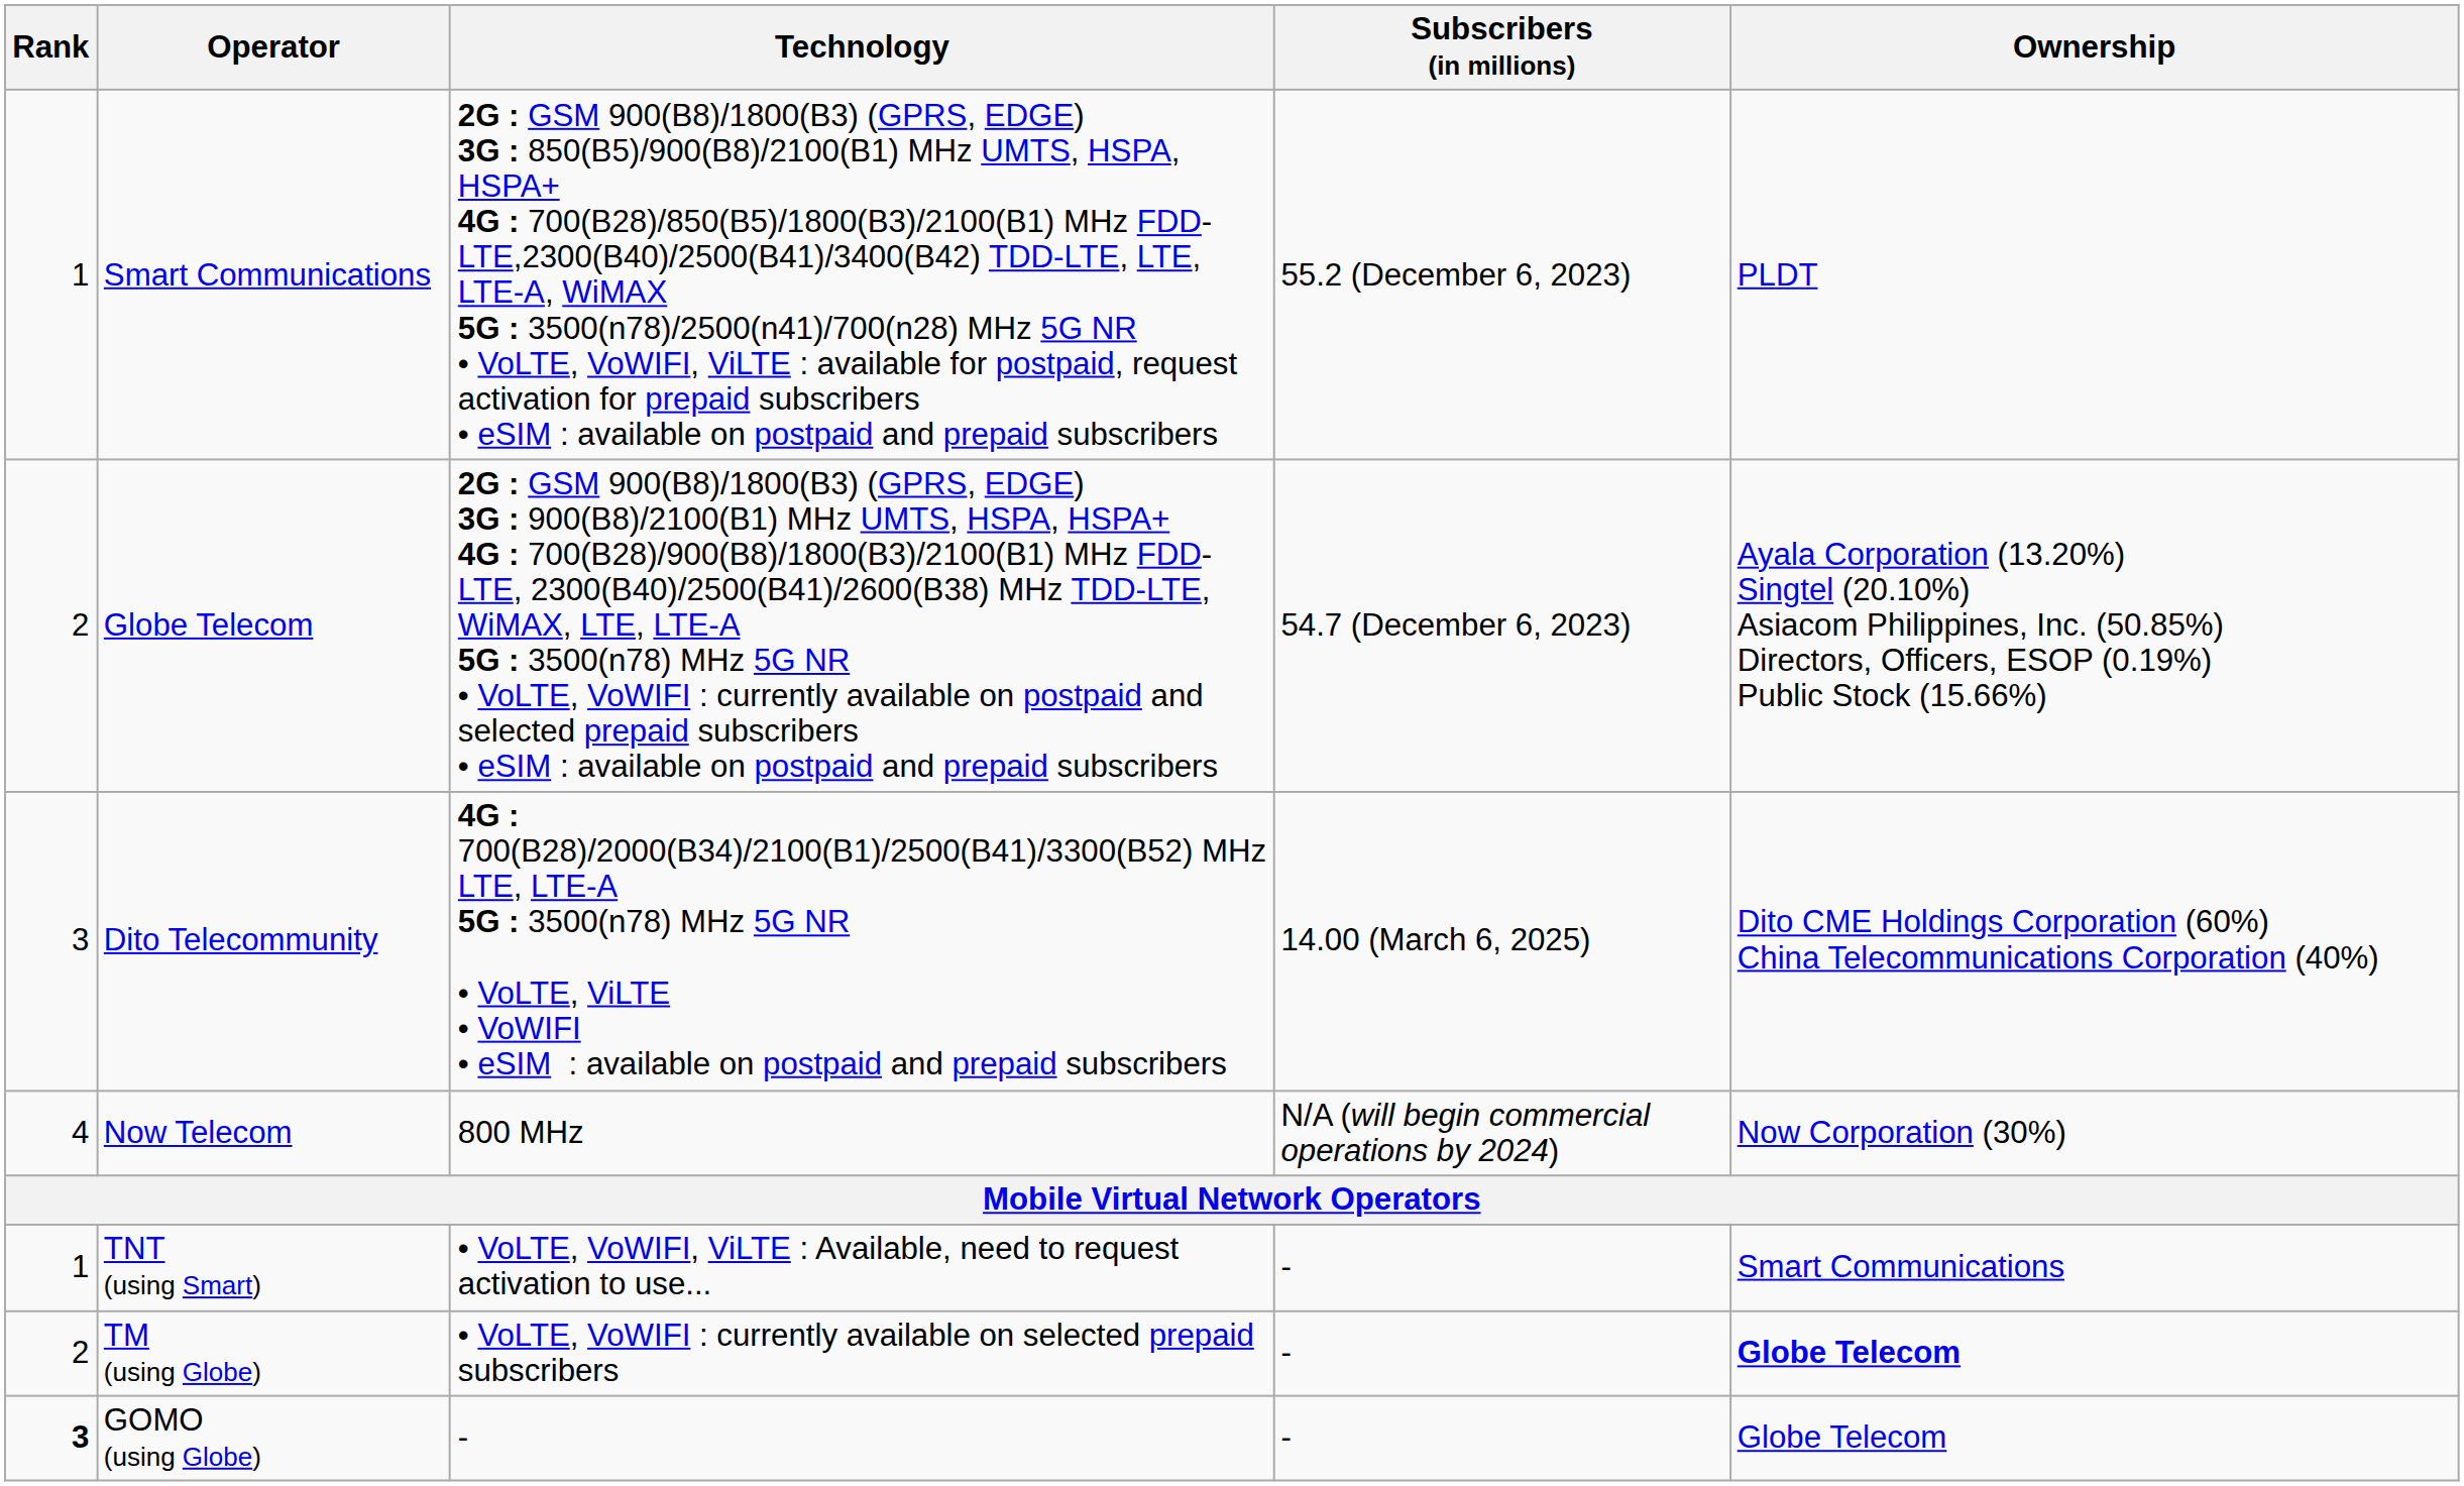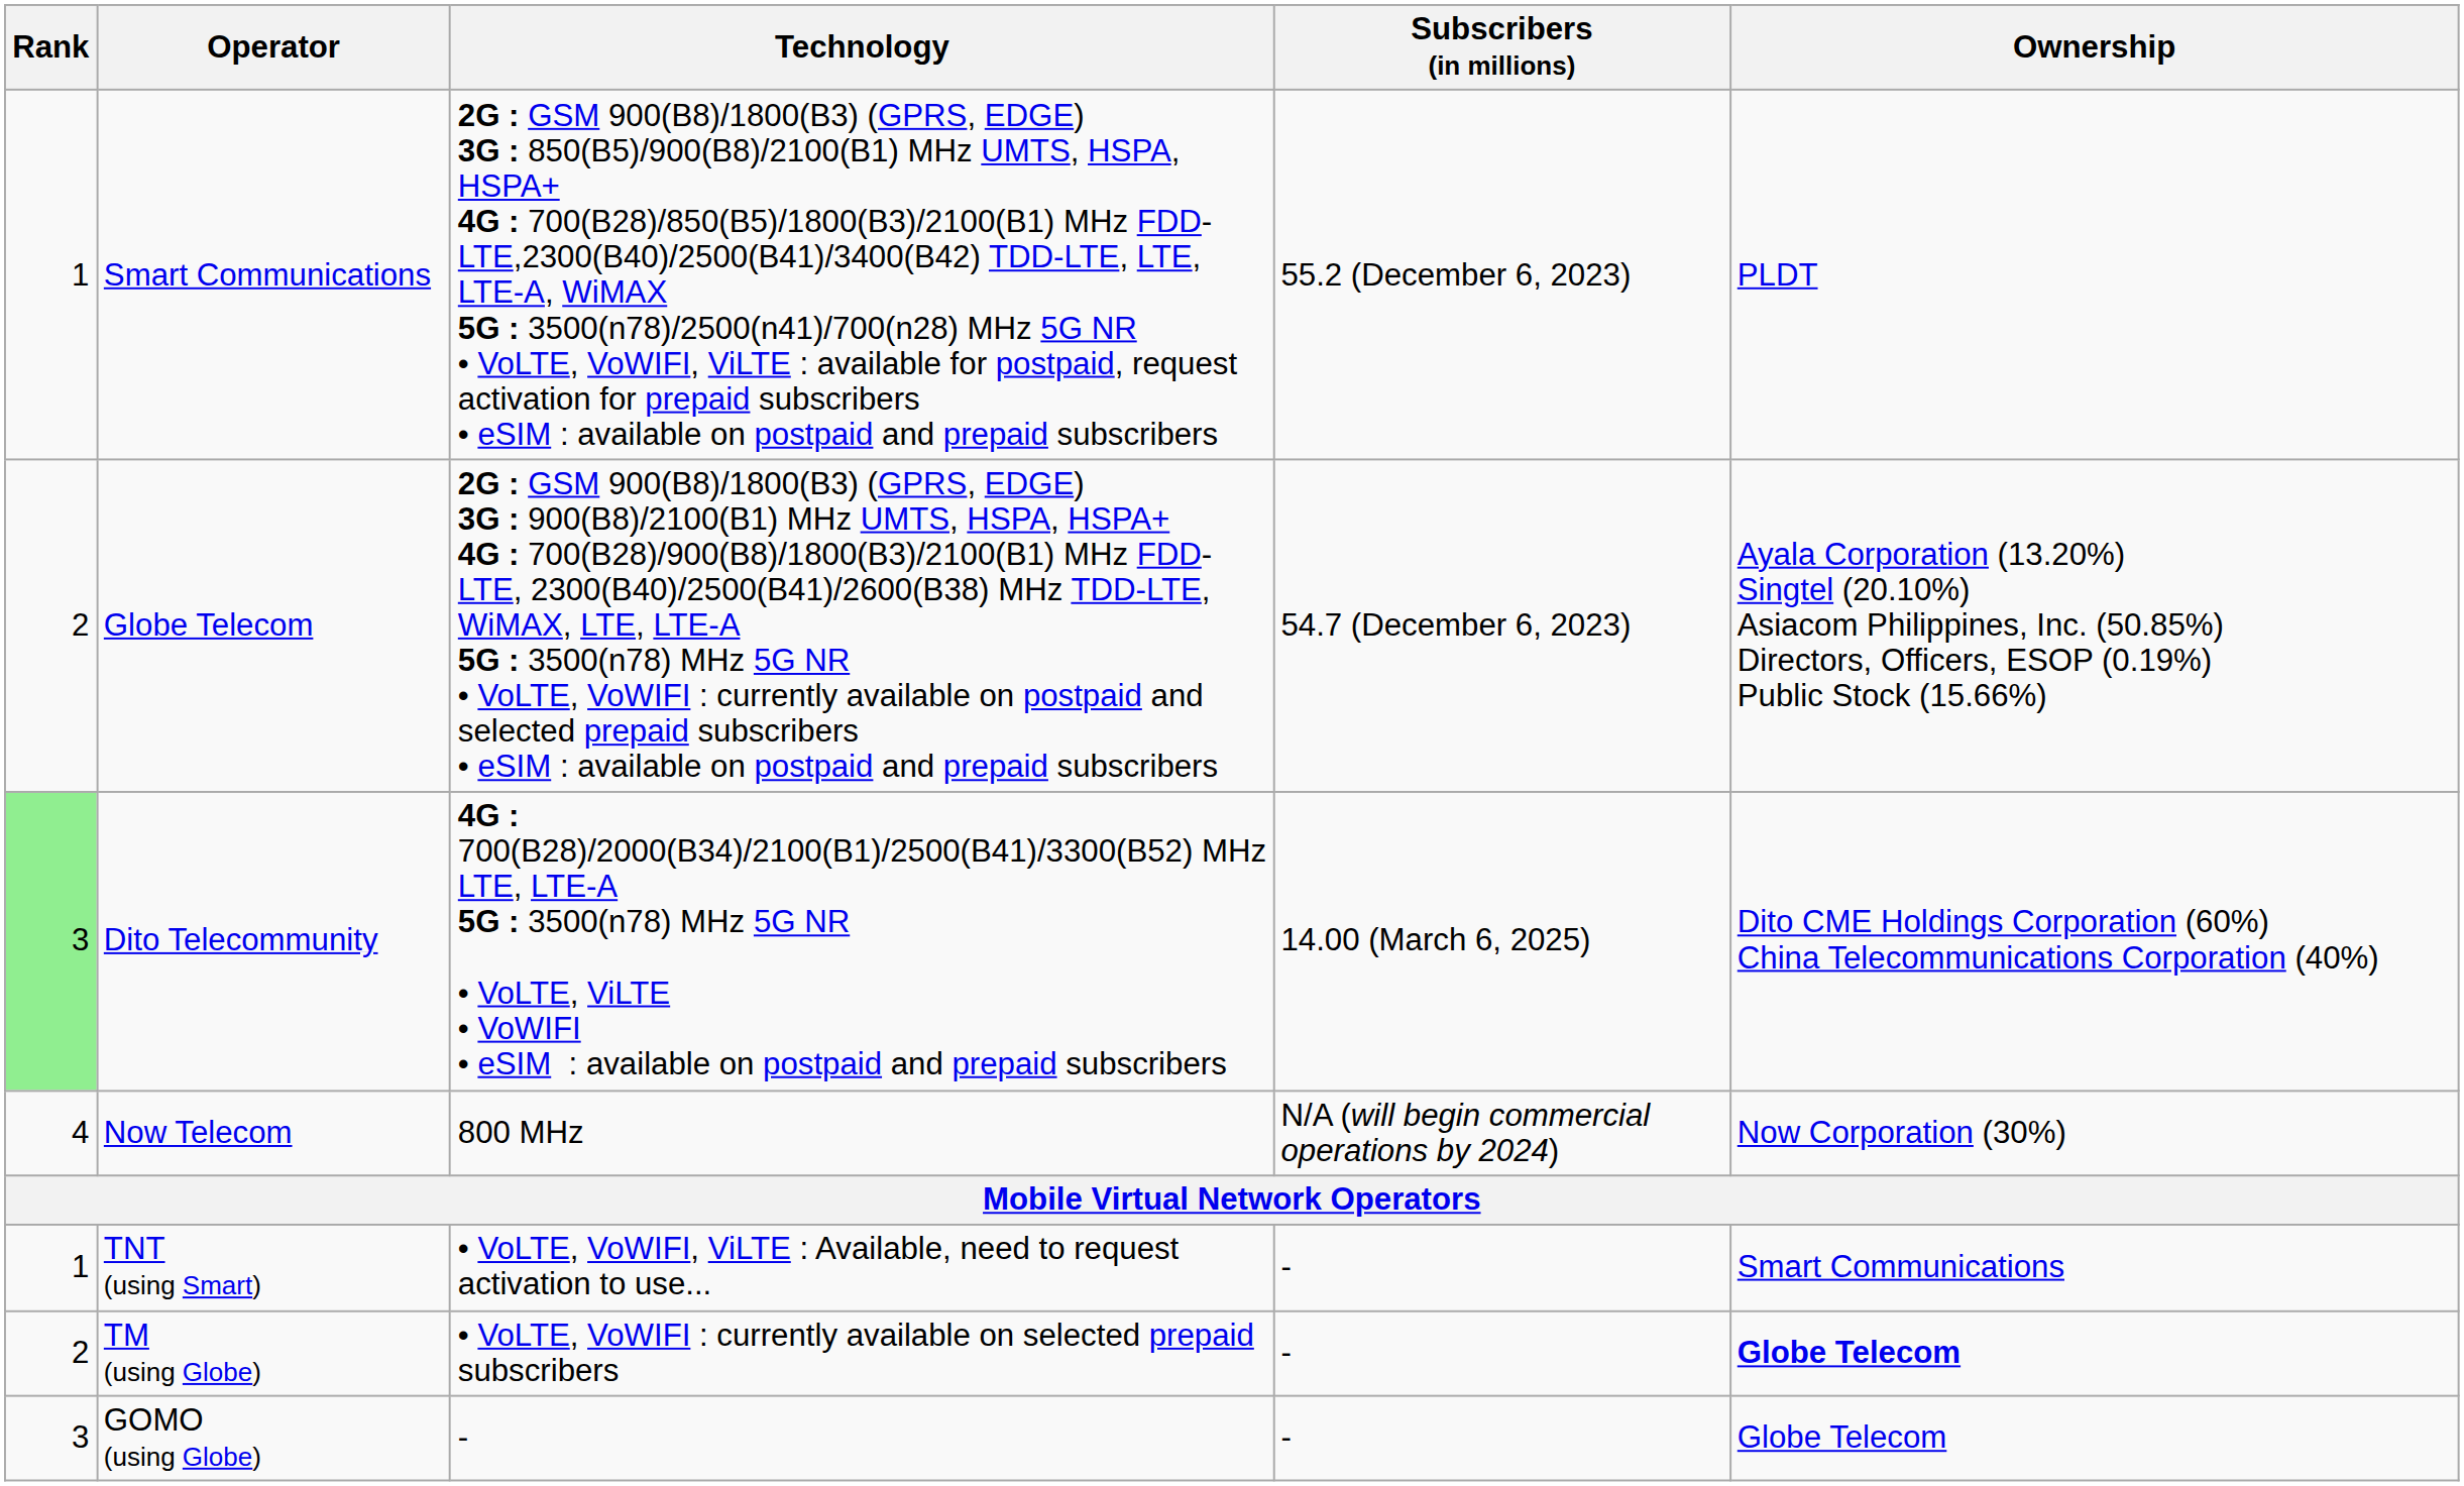 <table class="wikitable sortable">
 <tr>
 <th style="width:3%;">Rank</th>
 <th style="width:15%;">Operator</th>
 <th style="width:30%;">Technology</th>
 <th style="width:20%;">Subscribers<br><small>(in millions)</small></th>
 <th style="width:32%;">Ownership</th>
 </tr>
 <tr>
 <td style="text-align:right;">1</td>
 <td><a href='#'>Smart Communications</a></td>
 <td><strong>2G :</strong> <a href='#'>GSM</a> 900(B8)/1800(B3) (<a href='#'>GPRS</a>, <a href='#'>EDGE</a>)<br><strong>3G :</strong> 850(B5)/900(B8)/2100(B1) MHz <a href='#'>UMTS</a>, <a href='#'>HSPA</a>, <a href='#'>HSPA+</a><br><strong>4G :</strong> 700(B28)/850(B5)/1800(B3)/2100(B1) MHz <a href='#'>FDD</a>-<a href='#'>LTE</a>,2300(B40)/2500(B41)/3400(B42) <a href='#'>TDD-LTE</a>, <a href='#'>LTE</a>, <a href='#'>LTE-A</a>, <a href='#'>WiMAX</a><br><strong>5G :</strong> 3500(n78)/2500(n41)/700(n28) MHz <a href='#'>5G NR</a><br>• <a href='#'>VoLTE</a>, <a href='#'>VoWIFI</a>, <a href='#'>ViLTE</a>  : available for <a href='#'>postpaid</a>, request activation for <a href='#'>prepaid</a> subscribers<br>• <a href='#'>eSIM</a>  : available on <a href='#'>postpaid</a> and <a href='#'>prepaid</a> subscribers</td>
 <td>55.2 (December 6, 2023)</td>
 <td><a href='#'>PLDT</a></td>
 </tr>
 <tr>
 <td style="text-align:right;">2</td>
 <td><a href='#'>Globe Telecom</a></td>
 <td><strong>2G :</strong> <a href='#'>GSM</a> 900(B8)/1800(B3) (<a href='#'>GPRS</a>, <a href='#'>EDGE</a>)<br><strong>3G :</strong> 900(B8)/2100(B1) MHz <a href='#'>UMTS</a>, <a href='#'>HSPA</a>, <a href='#'>HSPA+</a><br><strong>4G :</strong> 700(B28)/900(B8)/1800(B3)/2100(B1) MHz <a href='#'>FDD</a>-<a href='#'>LTE</a>, 2300(B40)/2500(B41)/2600(B38) MHz <a href='#'>TDD-LTE</a>,<br><a href='#'>WiMAX</a>, <a href='#'>LTE</a>, <a href='#'>LTE-A</a><br><strong>5G :</strong> 3500(n78) MHz <a href='#'>5G NR</a><br>• <a href='#'>VoLTE</a>, <a href='#'>VoWIFI</a>  : currently available on <a href='#'>postpaid</a> and selected <a href='#'>prepaid</a> subscribers<br>• <a href='#'>eSIM</a>  : available on <a href='#'>postpaid</a> and <a href='#'>prepaid</a> subscribers</td>
 <td>54.7 (December 6, 2023)</td>
 <td><a href='#'>Ayala Corporation</a> (13.20%)<br><a href='#'>Singtel</a> (20.10%)<br>Asiacom Philippines, Inc. (50.85%)<br>Directors, Officers, ESOP (0.19%)<br>Public Stock (15.66%)</td>
 </tr>
 <tr>
-<td style="text-align:right;">3</td>
+<td style="background: lightgreen; text-align:right;">3</td>
 <td><a href='#'>Dito Telecommunity</a></td>
 <td><strong>4G :</strong> 700(B28)/2000(B34)/2100(B1)/2500(B41)/3300(B52) MHz <a href='#'>LTE</a>, <a href='#'>LTE-A</a><br><strong>5G :</strong> 3500(n78) MHz <a href='#'>5G NR</a><br><br>• <a href='#'>VoLTE</a>, <a href='#'>ViLTE</a><br>• <a href='#'>VoWIFI</a><br>• <a href='#'>eSIM</a>  : available on <a href='#'>postpaid</a> and <a href='#'>prepaid</a> subscribers</td>
 <td>14.00 (March 6, 2025)</td>
 <td><a href='#'>Dito CME Holdings Corporation</a> (60%)<br><a href='#'>China Telecommunications Corporation</a> (40%)</td>
 </tr>
 <tr>
 <td style="text-align:right;">4</td>
 <td><a href='#'>Now Telecom</a></td>
 <td>800 MHz</td>
 <td>N/A (<em>will begin commercial operations by 2024</em>)</td>
 <td><a href='#'>Now Corporation</a> (30%)</td>
 </tr>
 <tr>
 <th colspan="5" style="text-align:center;"><a href='#'>Mobile Virtual Network Operators</a></th>
 </tr>
 <tr>
 <td style="text-align:right;">1</td>
 <td><a href='#'>TNT</a><br><small>(using <a href='#'>Smart</a>)</small></td>
 <td>• <a href='#'>VoLTE</a>, <a href='#'>VoWIFI</a>, <a href='#'>ViLTE</a>  : Available, need to request activation to use...</td>
 <td>-</td>
 <td><a href='#'>Smart Communications</a></td>
 </tr>
 <tr>
 <td style="text-align:right;">2</td>
 <td><a href='#'>TM</a><br><small>(using <a href='#'>Globe</a>)</small></td>
 <td>• <a href='#'>VoLTE</a>, <a href='#'>VoWIFI</a>  : currently available on selected <a href='#'>prepaid</a> subscribers</td>
 <td>-</td>
 <td><strong><a href='#'>Globe Telecom</a></strong></td>
 </tr>
 <tr>
-<td style="text-align:right;"><strong>3</strong></td>
+<td style="text-align:right;">3</td>
 <td>GOMO<br><small>(using <a href='#'>Globe</a>)</small></td>
 <td>-</td>
 <td>-</td>
 <td><a href='#'>Globe Telecom</a></td>
 </tr>
 </table>
